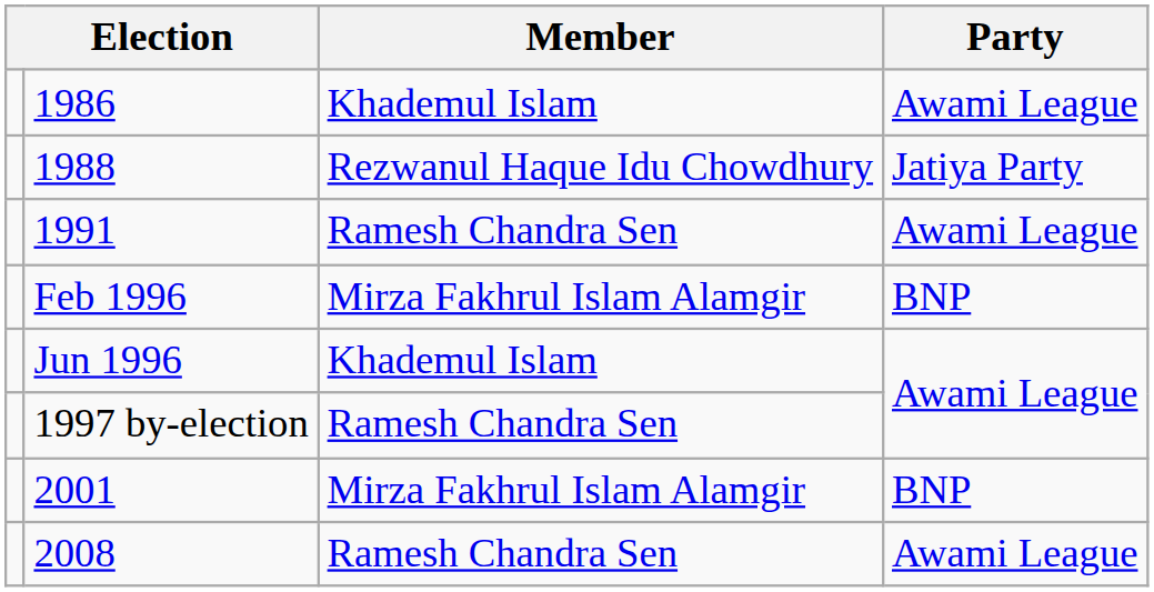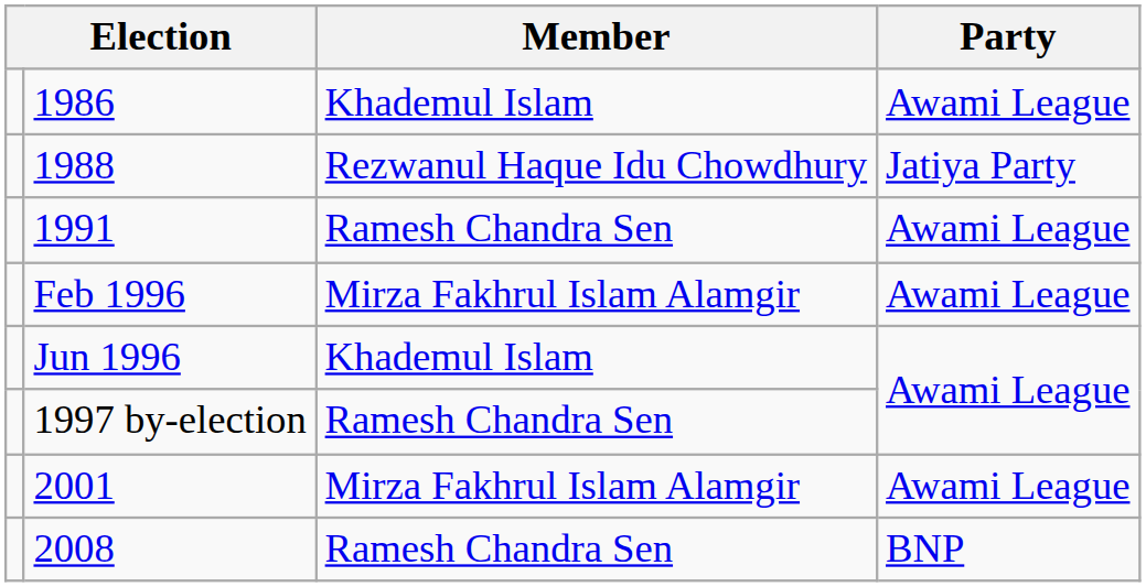 <table class="wikitable">
 <tr>
 <th colspan="2">Election</th>
 <th>Member</th>
 <th>Party</th>
 </tr>
 <tr>
 <td style="background-color:"></td>
 <td><a href='#'>1986</a></td>
 <td><a href='#'>Khademul Islam</a></td>
 <td><a href='#'>Awami League</a></td>
 </tr>
 <tr>
 <td style="background-color:"></td>
 <td><a href='#'>1988</a></td>
 <td><a href='#'>Rezwanul Haque Idu Chowdhury</a></td>
 <td><a href='#'>Jatiya Party</a></td>
 </tr>
 <tr>
 <td style="background-color:"></td>
 <td><a href='#'>1991</a></td>
 <td><a href='#'>Ramesh Chandra Sen</a></td>
 <td><a href='#'>Awami League</a></td>
 </tr>
 <tr>
 <td style="background-color:"></td>
 <td><a href='#'>Feb 1996</a></td>
 <td><a href='#'>Mirza Fakhrul Islam Alamgir</a></td>
-<td><a href='#'>BNP</a></td>
+<td><a href='#'>Awami League</a></td>
 </tr>
 <tr>
 <td style="background-color:"></td>
 <td><a href='#'>Jun 1996</a></td>
 <td><a href='#'>Khademul Islam</a></td>
 <td rowspan="2"><a href='#'>Awami League</a></td>
 </tr>
 <tr>
 <td style="background-color:"></td>
 <td>1997 by-election</td>
 <td><a href='#'>Ramesh Chandra Sen</a></td>
 </tr>
 <tr>
 <td style="background-color:"></td>
 <td><a href='#'>2001</a></td>
 <td><a href='#'>Mirza Fakhrul Islam Alamgir</a></td>
-<td><a href='#'>BNP</a></td>
+<td><a href='#'>Awami League</a></td>
 </tr>
 <tr>
 <td style="background-color:"></td>
 <td><a href='#'>2008</a></td>
 <td><a href='#'>Ramesh Chandra Sen</a></td>
-<td><a href='#'>Awami League</a></td>
+<td><a href='#'>BNP</a></td>
 </tr>
 </table>
